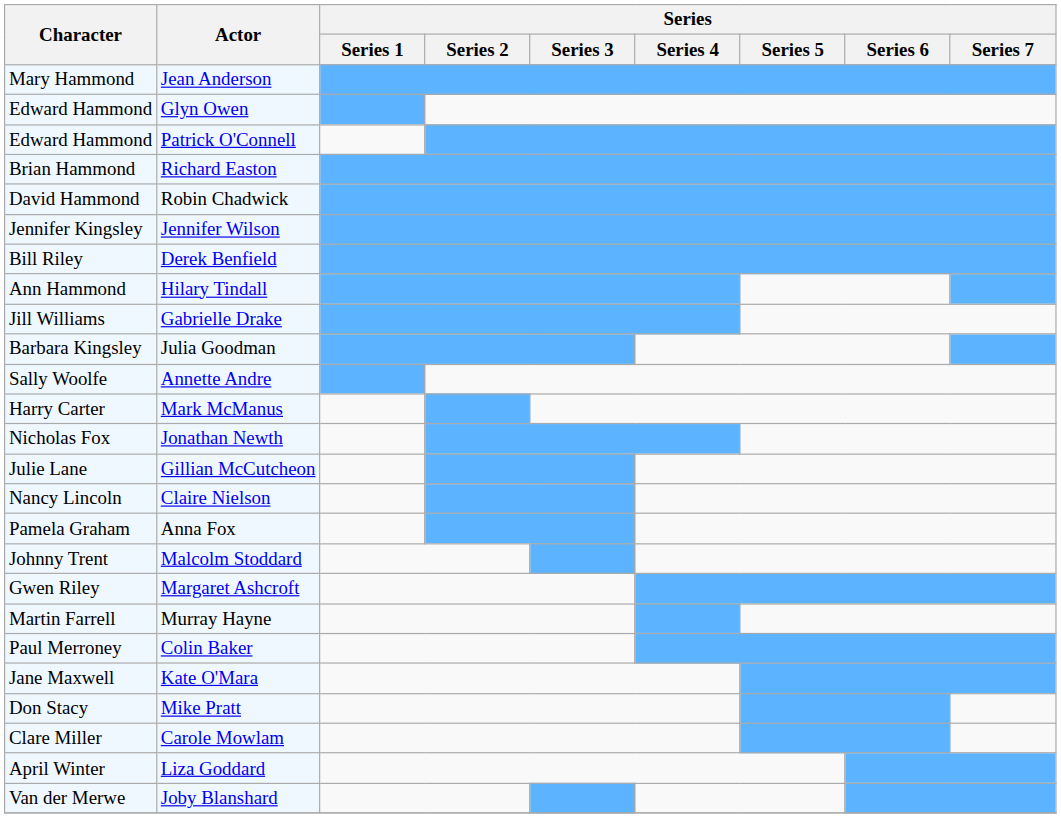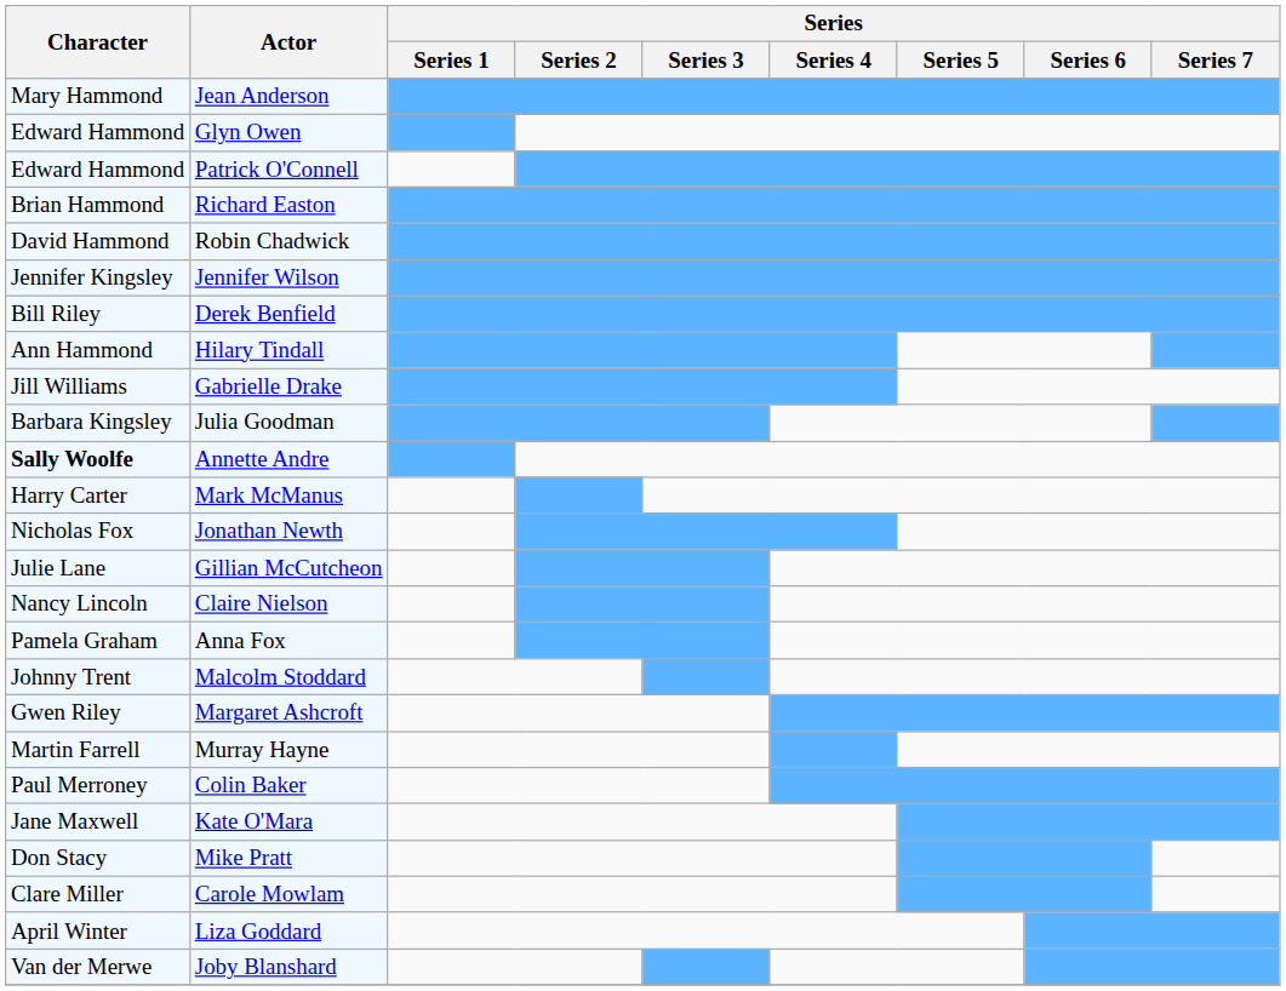 <table class="wikitable">
 <tr>
 <th rowspan="2" style=”background:#C6DEFF”>Character</th>
 <th rowspan="2" style=”background:#C6DEFF”>Actor</th>
 <th colspan="7" style=”background:#C6DEFF”>Series</th>
 </tr>
 <tr>
 <th width="10%">Series 1</th>
 <th width="10%">Series 2</th>
 <th width="10%">Series 3</th>
 <th width="10%">Series 4</th>
 <th width="10%">Series 5</th>
 <th width="10%">Series 6</th>
 <th width="10%">Series 7</th>
 </tr>
 <tr>
 <td scope="col" colspan="1" style="background:#F0F8FF">Mary Hammond</td>
 <td scope="col" colspan="1" style="background:#F0F8FF"><a href='#'>Jean Anderson</a></td>
 <td scope="col" colspan="7" style="background:#5CB3FF"></td>
 </tr>
 <tr>
 <td scope="col" colspan="1" style="background:#F0F8FF">Edward Hammond</td>
 <td scope="col" colspan="1" style="background:#F0F8FF"><a href='#'>Glyn Owen</a></td>
 <td scope="col" colspan="1" style="background:#5CB3FF"></td>
 <td scope="col" colspan="6"></td>
 </tr>
 <tr>
 <td scope="col" colspan="1" style="background:#F0F8FF">Edward Hammond</td>
 <td scope="col" colspan="1" style="background:#F0F8FF"><a href='#'>Patrick O'Connell</a></td>
 <td scope="col" colspan="1"></td>
 <td scope="col" colspan="6" style="background:#5CB3FF"></td>
 </tr>
 <tr>
 <td scope="col" colspan="1" style="background:#F0F8FF">Brian Hammond</td>
 <td scope="col" colspan="1" style="background:#F0F8FF"><a href='#'>Richard Easton</a></td>
 <td scope="col" colspan="7" style="background:#5CB3FF"></td>
 </tr>
 <tr>
 <td scope="col" colspan="1" style="background:#F0F8FF">David Hammond</td>
 <td scope="col" colspan="1" style="background:#F0F8FF">Robin Chadwick</td>
 <td scope="col" colspan="7" style="background:#5CB3FF"></td>
 </tr>
 <tr>
 <td scope="col" colspan="1" style="background:#F0F8FF">Jennifer Kingsley</td>
 <td scope="col" colspan="1" style="background:#F0F8FF"><a href='#'>Jennifer Wilson</a></td>
 <td scope="col" colspan="7" style="background:#5CB3FF"></td>
 </tr>
 <tr>
 <td scope="col" colspan="1" style="background:#F0F8FF">Bill Riley</td>
 <td scope="col" colspan="1" style="background:#F0F8FF"><a href='#'>Derek Benfield</a></td>
 <td scope="col" colspan="7" style="background:#5CB3FF"></td>
 </tr>
 <tr>
 <td scope="col" colspan="1" style="background:#F0F8FF">Ann Hammond</td>
 <td scope="col" colspan="1" style="background:#F0F8FF"><a href='#'>Hilary Tindall</a></td>
 <td scope="col" colspan="4" style="background:#5CB3FF"></td>
 <td scope="col" colspan="2"></td>
 <td scope="col" colspan="1" style="background:#5CB3FF"></td>
 </tr>
 <tr>
 <td scope="col" colspan="1" style="background:#F0F8FF">Jill Williams</td>
 <td scope="col" colspan="1" style="background:#F0F8FF"><a href='#'>Gabrielle Drake</a></td>
 <td scope="col" colspan="4" style="background:#5CB3FF"></td>
 <td scope="col" colspan="3"></td>
 </tr>
 <tr>
 <td scope="col" colspan="1" style="background:#F0F8FF">Barbara Kingsley</td>
 <td scope="col" colspan="1" style="background:#F0F8FF">Julia Goodman</td>
 <td scope="col" colspan="3" style="background:#5CB3FF"></td>
 <td scope="col" colspan="3"></td>
 <td scope="col" colspan="1" style="background:#5CB3FF"></td>
 </tr>
 <tr>
-<td scope="col" colspan="1" style="background:#F0F8FF">Sally Woolfe</td>
+<td scope="col" colspan="1" style="background:#F0F8FF"><strong>Sally Woolfe</strong></td>
 <td scope="col" colspan="1" style="background:#F0F8FF"><a href='#'>Annette Andre</a></td>
 <td scope="col" colspan="1" style="background:#5CB3FF"></td>
 <td scope="col" colspan="6"></td>
 </tr>
 <tr>
 <td scope="col" colspan="1" style="background:#F0F8FF">Harry Carter</td>
 <td scope="col" colspan="1" style="background:#F0F8FF"><a href='#'>Mark McManus</a></td>
 <td scope="col" colspan="1"></td>
 <td scope="col" colspan="1" style="background:#5CB3FF"></td>
 <td scope="col" colspan="5"></td>
 </tr>
 <tr>
 <td scope="col" colspan="1" style="background:#F0F8FF">Nicholas Fox</td>
 <td scope="col" colspan="1" style="background:#F0F8FF"><a href='#'>Jonathan Newth</a></td>
 <td scope="col" colspan="1"></td>
 <td scope="col" colspan="3" style="background:#5CB3FF"></td>
 <td scope="col" colspan="3"></td>
 </tr>
 <tr>
 <td scope="col" colspan="1" style="background:#F0F8FF">Julie Lane</td>
 <td scope="col" colspan="1" style="background:#F0F8FF"><a href='#'>Gillian McCutcheon</a></td>
 <td scope="col" colspan="1"></td>
 <td scope="col" colspan="2" style="background:#5CB3FF"></td>
 <td scope="col" colspan="4"></td>
 </tr>
 <tr>
 <td scope="col" colspan="1" style="background:#F0F8FF">Nancy Lincoln</td>
 <td scope="col" colspan="1" style="background:#F0F8FF"><a href='#'>Claire Nielson</a></td>
 <td scope="col" colspan="1"></td>
 <td scope="col" colspan="2" style="background:#5CB3FF"></td>
 <td scope="col" colspan="4"></td>
 </tr>
 <tr>
 <td scope="col" colspan="1" style="background:#F0F8FF">Pamela Graham</td>
 <td scope="col" colspan="1" style="background:#F0F8FF">Anna Fox</td>
 <td scope="col" colspan="1"></td>
 <td scope="col" colspan="2" style="background:#5CB3FF"></td>
 <td scope="col" colspan="4"></td>
 </tr>
 <tr>
 <td scope="col" colspan="1" style="background:#F0F8FF">Johnny Trent</td>
 <td scope="col" colspan="1" style="background:#F0F8FF"><a href='#'>Malcolm Stoddard</a></td>
 <td scope="col" colspan="2"></td>
 <td scope="col" colspan="1" style="background:#5CB3FF"></td>
 <td scope="col" colspan="4"></td>
 </tr>
 <tr>
 <td scope="col" colspan="1" style="background:#F0F8FF">Gwen Riley</td>
 <td scope="col" colspan="1" style="background:#F0F8FF"><a href='#'>Margaret Ashcroft</a></td>
 <td scope="col" colspan="3"></td>
 <td scope="col" colspan="4" style="background:#5CB3FF"></td>
 </tr>
 <tr>
 <td scope="col" colspan="1" style="background:#F0F8FF">Martin Farrell</td>
 <td scope="col" colspan="1" style="background:#F0F8FF">Murray Hayne</td>
 <td scope="col" colspan="3"></td>
 <td scope="col" colspan="1" style="background:#5CB3FF"></td>
 <td scope="col" colspan="3"></td>
 </tr>
 <tr>
 <td scope="col" colspan="1" style="background:#F0F8FF">Paul Merroney</td>
 <td scope="col" colspan="1" style="background:#F0F8FF"><a href='#'>Colin Baker</a></td>
 <td scope="col" colspan="3"></td>
 <td scope="col" colspan="4" style="background:#5CB3FF"></td>
 </tr>
 <tr>
 <td scope="col" colspan="1" style="background:#F0F8FF">Jane Maxwell</td>
 <td scope="col" colspan="1" style="background:#F0F8FF"><a href='#'>Kate O'Mara</a></td>
 <td scope="col" colspan="4"></td>
 <td scope="col" colspan="3" style="background:#5CB3FF"></td>
 </tr>
 <tr>
 <td scope="col" colspan="1" style="background:#F0F8FF">Don Stacy</td>
 <td scope="col" colspan="1" style="background:#F0F8FF"><a href='#'>Mike Pratt</a></td>
 <td scope="col" colspan="4"></td>
 <td scope="col" colspan="2" style="background:#5CB3FF"></td>
 <td scope="col" colspan="1"></td>
 </tr>
 <tr>
 <td scope="col" colspan="1" style="background:#F0F8FF">Clare Miller</td>
 <td scope="col" colspan="1" style="background:#F0F8FF"><a href='#'>Carole Mowlam</a></td>
 <td scope="col" colspan="4"></td>
 <td scope="col" colspan="2" style="background:#5CB3FF"></td>
 <td scope="col" colspan="1"></td>
 </tr>
 <tr>
 <td scope="col" colspan="1" style="background:#F0F8FF">April Winter</td>
 <td scope="col" colspan="1" style="background:#F0F8FF"><a href='#'>Liza Goddard</a></td>
 <td scope="col" colspan="5"></td>
 <td scope="col" colspan="2" style="background:#5CB3FF"></td>
 </tr>
 <tr>
 <td scope="col" colspan="1" style="background:#F0F8FF">Van der Merwe </td>
 <td scope="col" colspan="1" style="background:#F0F8FF"><a href='#'>Joby Blanshard</a></td>
 <td scope="col" colspan="2"></td>
 <td scope="col" colspan="1" style="background:#5CB3FF"></td>
 <td scope="col" colspan="2"></td>
 <td scope="col" colspan="2" style="background:#5CB3FF"></td>
 </tr>
 <tr>
 </tr>
 </table>
